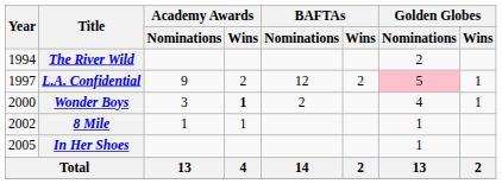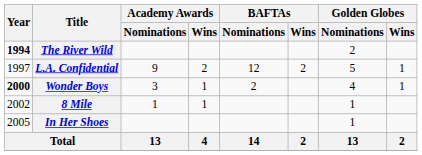 <table class="wikitable plainrowheaders">
 <tr>
 <th scope="col" rowspan="2">Year</th>
 <th scope="col" rowspan="2">Title</th>
 <th scope="colgroup" colspan="2" style="align-text:center;">Academy Awards</th>
 <th scope="colgroup" colspan="2" style="align-text:center;">BAFTAs</th>
 <th scope="colgroup" colspan="2" style="align-text:center;">Golden Globes</th>
 </tr>
 <tr>
 <th scope="col">Nominations</th>
 <th scope="col">Wins</th>
 <th scope="col">Nominations</th>
 <th scope="col">Wins</th>
 <th scope="col">Nominations</th>
 <th scope="col">Wins</th>
 </tr>
 <tr>
-<td>1994</td>
+<td><strong>1994</strong></td>
 <th scope="row"><em><a href='#'>The River Wild</a></em></th>
 <td></td>
 <td></td>
 <td></td>
 <td></td>
 <td align=center>2</td>
 <td></td>
 </tr>
 <tr>
 <td>1997</td>
 <th scope="row"><em><a href='#'>L.A. Confidential</a></em></th>
 <td align=center>9</td>
 <td align=center>2</td>
 <td align=center>12</td>
 <td align=center>2</td>
-<td align=center style="background: pink;">5</td>
+<td align=center>5</td>
 <td align=center>1</td>
 </tr>
 <tr>
-<td>2000</td>
+<td><strong>2000</strong></td>
 <th scope="row"><em><a href='#'>Wonder Boys</a></em></th>
 <td align=center>3</td>
-<td align=center><strong>1</strong></td>
+<td align=center>1</td>
 <td align=center>2</td>
 <td></td>
 <td align=center>4</td>
 <td align=center>1</td>
 </tr>
 <tr>
 <td>2002</td>
 <th scope="row"><em><a href='#'>8 Mile</a></em></th>
 <td align=center>1</td>
 <td align=center>1</td>
 <td></td>
 <td></td>
 <td align=center>1</td>
 <td></td>
 </tr>
 <tr>
 <td>2005</td>
 <th scope="row"><em><a href='#'>In Her Shoes</a></em></th>
 <td></td>
 <td></td>
 <td></td>
 <td></td>
 <td align=center>1</td>
 <td></td>
 </tr>
 <tr>
 <th scope="colgroup" colspan="2">Total</th>
 <th>13</th>
 <th>4</th>
 <th>14</th>
 <th>2</th>
 <th>13</th>
 <th>2</th>
 </tr>
 <tr>
 </tr>
 </table>
